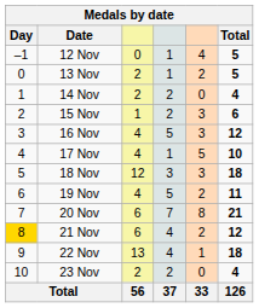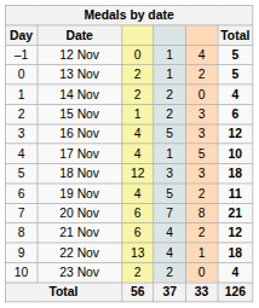 <table class="wikitable" style="font-size:90%; text-align:center;">
 <tr style="background:#efefef;">
 <th colspan=6><strong>Medals by date</strong></th>
 </tr>
 <tr>
 <th width=30><strong>Day</strong></th>
 <th width=90><strong>Date</strong></th>
 <th width=30 style="background:#F7F6A8;"></th>
 <th width=30 style="background:#DCE5E5;"></th>
 <th width=30 style="background:#FFDAB9;"></th>
 <th width=30><strong>Total</strong></th>
 </tr>
 <tr>
 <td>–1</td>
 <td>12 Nov</td>
 <td style="background:#F7F6A8;">0</td>
 <td style="background:#DCE5E5;">1</td>
 <td style="background:#FFDAB9;">4</td>
 <td><strong>5</strong></td>
 </tr>
 <tr>
 <td>0</td>
 <td>13 Nov</td>
 <td style="background:#F7F6A8;">2</td>
 <td style="background:#DCE5E5;">1</td>
 <td style="background:#FFDAB9;">2</td>
 <td><strong>5</strong></td>
 </tr>
 <tr>
 <td>1</td>
 <td>14 Nov</td>
 <td style="background:#F7F6A8;">2</td>
 <td style="background:#DCE5E5;">2</td>
 <td style="background:#FFDAB9;">0</td>
 <td><strong>4</strong></td>
 </tr>
 <tr>
 <td>2</td>
 <td>15 Nov</td>
 <td style="background:#F7F6A8;">1</td>
 <td style="background:#DCE5E5;">2</td>
 <td style="background:#FFDAB9;">3</td>
 <td><strong>6</strong></td>
 </tr>
 <tr>
 <td>3</td>
 <td>16 Nov</td>
 <td style="background:#F7F6A8;">4</td>
 <td style="background:#DCE5E5;">5</td>
 <td style="background:#FFDAB9;">3</td>
 <td><strong>12</strong></td>
 </tr>
 <tr>
 <td>4</td>
 <td>17 Nov</td>
 <td style="background:#F7F6A8;">4</td>
 <td style="background:#DCE5E5;">1</td>
 <td style="background:#FFDAB9;">5</td>
 <td><strong>10</strong></td>
 </tr>
 <tr>
 <td>5</td>
 <td>18 Nov</td>
 <td style="background:#F7F6A8;">12</td>
 <td style="background:#DCE5E5;">3</td>
 <td style="background:#FFDAB9;">3</td>
 <td><strong>18</strong></td>
 </tr>
 <tr>
 <td>6</td>
 <td>19 Nov</td>
 <td style="background:#F7F6A8;">4</td>
 <td style="background:#DCE5E5;">5</td>
 <td style="background:#FFDAB9;">2</td>
 <td><strong>11</strong></td>
 </tr>
 <tr>
 <td>7</td>
 <td>20 Nov</td>
 <td style="background:#F7F6A8;">6</td>
 <td style="background:#DCE5E5;">7</td>
 <td style="background:#FFDAB9;">8</td>
 <td><strong>21</strong></td>
 </tr>
 <tr>
-<td style="background: gold;">8</td>
+<td>8</td>
 <td>21 Nov</td>
 <td style="background:#F7F6A8;">6</td>
 <td style="background:#DCE5E5;">4</td>
 <td style="background:#FFDAB9;">2</td>
 <td><strong>12</strong></td>
 </tr>
 <tr>
 <td>9</td>
 <td>22 Nov</td>
 <td style="background:#F7F6A8;">13</td>
 <td style="background:#DCE5E5;">4</td>
 <td style="background:#FFDAB9;">1</td>
 <td><strong>18</strong></td>
 </tr>
 <tr>
 <td>10</td>
 <td>23 Nov</td>
 <td style="background:#F7F6A8;">2</td>
 <td style="background:#DCE5E5;">2</td>
 <td style="background:#FFDAB9;">0</td>
 <td><strong>4</strong></td>
 </tr>
 <tr>
 <th colspan="2"><strong>Total</strong></th>
 <th><strong>56</strong></th>
 <th><strong>37</strong></th>
 <th><strong>33</strong></th>
 <th><strong>126</strong></th>
 </tr>
 </table>
